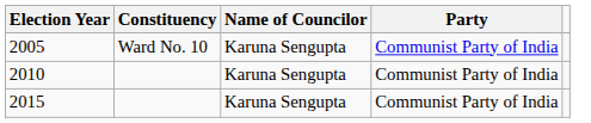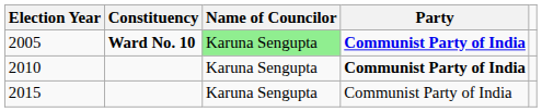 <table class="wikitable"ìÍĦĤĠčw>
 <tr>
 <th>Election Year</th>
 <th>Constituency</th>
 <th>Name of Councilor</th>
 <th>Party</th>
 </tr>
 <tr>
 <td>2005</td>
-<td>Ward No. 10</td>
-<td>Karuna Sengupta</td>
-<td><a href='#'>Communist Party of India</a></td>
+<td><strong>Ward No. 10</strong></td>
+<td style="background: lightgreen;">Karuna Sengupta</td>
+<td><strong><a href='#'>Communist Party of India</a></strong></td>
 <td></td>
 </tr>
 <tr>
 <td>2010</td>
 <td></td>
 <td>Karuna Sengupta</td>
-<td>Communist Party of India</td>
+<td><strong>Communist Party of India</strong></td>
 <td></td>
 </tr>
 <tr>
 <td>2015</td>
 <td></td>
 <td>Karuna Sengupta</td>
 <td>Communist Party of India</td>
 <td></td>
 </tr>
 </table>
